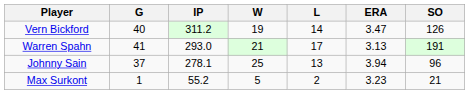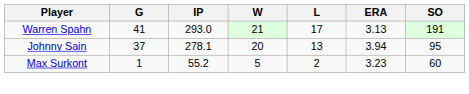 <table class="wikitable sortable">
 <tr>
 <th bgcolor="#DDDDFF" width="16%">Player</th>
 <th bgcolor="#DDDDFF" width="9%">G</th>
 <th bgcolor="#DDDDFF" width="9%">IP</th>
 <th bgcolor="#DDDDFF" width="9%">W</th>
 <th bgcolor="#DDDDFF" width="9%">L</th>
 <th bgcolor="#DDDDFF" width="9%">ERA</th>
 <th bgcolor="#DDDDFF" width="9%">SO</th>
-</tr>
-<tr align="center">
-<td><a href='#'>Vern Bickford</a></td>
-<td>40</td>
-<td style="background:#DDFFDD;">311.2</td>
-<td>19</td>
-<td>14</td>
-<td>3.47</td>
-<td>126</td>
 </tr>
 <tr align="center">
 <td><a href='#'>Warren Spahn</a></td>
 <td>41</td>
 <td>293.0</td>
 <td style="background:#DDFFDD;">21</td>
 <td>17</td>
 <td>3.13</td>
 <td style="background:#DDFFDD;">191</td>
 </tr>
 <tr align="center">
 <td><a href='#'>Johnny Sain</a></td>
 <td>37</td>
 <td>278.1</td>
-<td>25</td>
+<td>20</td>
 <td>13</td>
 <td>3.94</td>
-<td>96</td>
+<td>95</td>
 </tr>
 <tr align="center">
 <td><a href='#'>Max Surkont</a></td>
 <td>1</td>
 <td>55.2</td>
 <td>5</td>
 <td>2</td>
 <td>3.23</td>
-<td>21</td>
+<td>60</td>
 </tr>
 </table>
